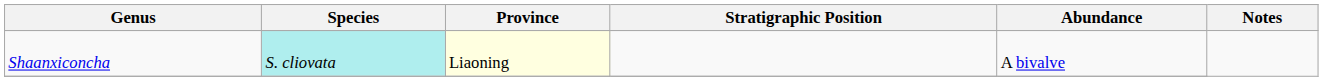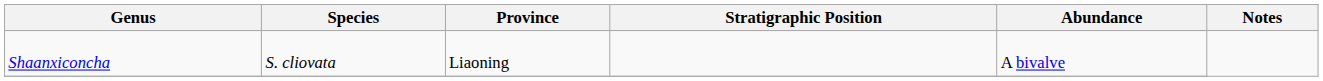 <table class="wikitable" align="center" width="100%">
 <tr>
 <th>Genus</th>
 <th>Species</th>
 <th>Province</th>
 <th>Stratigraphic Position</th>
 <th>Abundance</th>
 <th>Notes</th>
 </tr>
 <tr>
 </tr>
 <tr>
 <td><br><em><a href='#'>Shaanxiconcha</a></em></td>
-<td style="background: paleturquoise;"><br><em>S. cliovata</em></td>
-<td style="background: lightyellow;"><br>Liaoning</td>
+<td><br><em>S. cliovata</em></td>
+<td><br>Liaoning</td>
 <td></td>
 <td><br>A <a href='#'>bivalve</a></td>
 </tr>
 <tr>
 </tr>
 </table>
